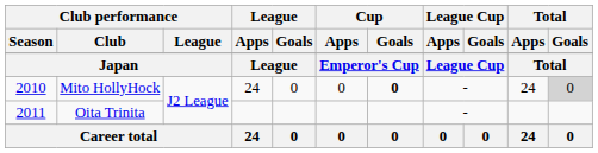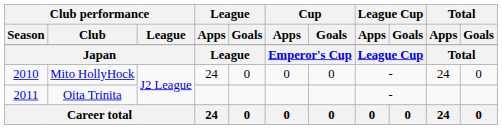 <table class="wikitable" style="text-align:center">
 <tr>
 <th colspan=3>Club performance</th>
 <th colspan=2>League</th>
 <th colspan=2>Cup</th>
 <th colspan=2>League Cup</th>
 <th colspan=2>Total</th>
 </tr>
 <tr>
 <th>Season</th>
 <th>Club</th>
 <th>League</th>
 <th>Apps</th>
 <th>Goals</th>
 <th>Apps</th>
 <th>Goals</th>
 <th>Apps</th>
 <th>Goals</th>
 <th>Apps</th>
 <th>Goals</th>
 </tr>
 <tr>
 </tr>
 <tr>
 <th colspan=3>Japan</th>
 <th colspan=2>League</th>
 <th colspan=2><a href='#'>Emperor's Cup</a></th>
 <th colspan=2><a href='#'>League Cup</a></th>
 <th colspan=2>Total</th>
 </tr>
 <tr>
 <td><a href='#'>2010</a></td>
 <td><a href='#'>Mito HollyHock</a></td>
 <td rowspan="2"><a href='#'>J2 League</a></td>
 <td>24</td>
 <td>0</td>
 <td>0</td>
-<td><strong>0</strong></td>
+<td>0</td>
 <td colspan="2">-</td>
 <td>24</td>
-<td style="background: lightgrey;">0</td>
+<td>0</td>
 </tr>
 <tr>
 <td><a href='#'>2011</a></td>
 <td rowspan="1"><a href='#'>Oita Trinita</a></td>
 <td></td>
 <td></td>
 <td></td>
 <td></td>
 <td colspan="2">-</td>
 <td></td>
 <td></td>
 </tr>
 <tr>
 <th colspan=3>Career total</th>
 <th>24</th>
 <th>0</th>
 <th>0</th>
 <th>0</th>
 <th>0</th>
 <th>0</th>
 <th>24</th>
 <th>0</th>
 </tr>
 </table>
